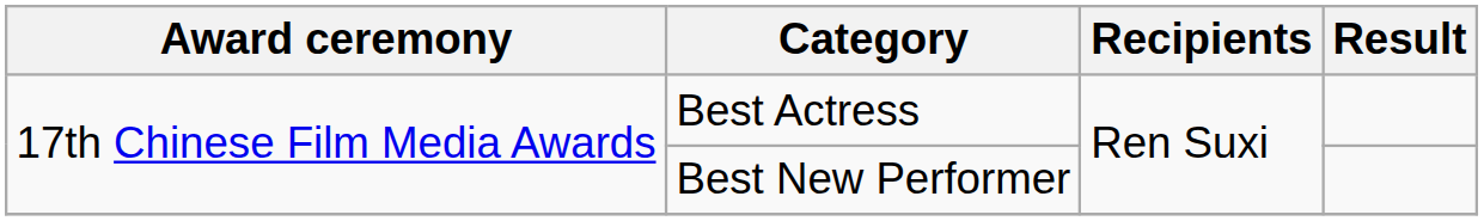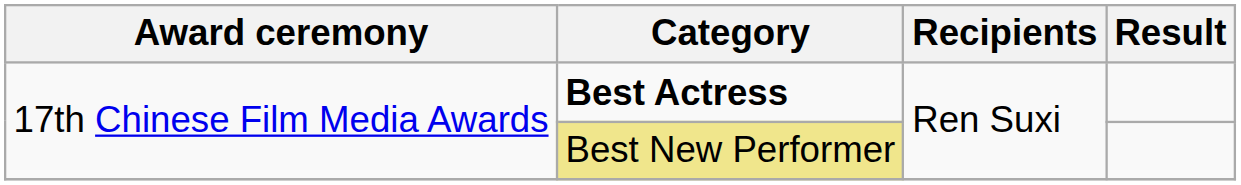 <table class="wikitable sortable">
 <tr>
 <th>Award ceremony</th>
 <th>Category</th>
 <th>Recipients</th>
 <th>Result</th>
 </tr>
 <tr>
 <td rowspan=2>17th <a href='#'>Chinese Film Media Awards</a></td>
-<td>Best Actress</td>
+<td><strong>Best Actress</strong></td>
 <td rowspan=2>Ren Suxi</td>
 <td></td>
 </tr>
 <tr>
-<td>Best New Performer</td>
+<td style="background: khaki;">Best New Performer</td>
 <td></td>
 </tr>
 <tr>
 </tr>
 </table>
